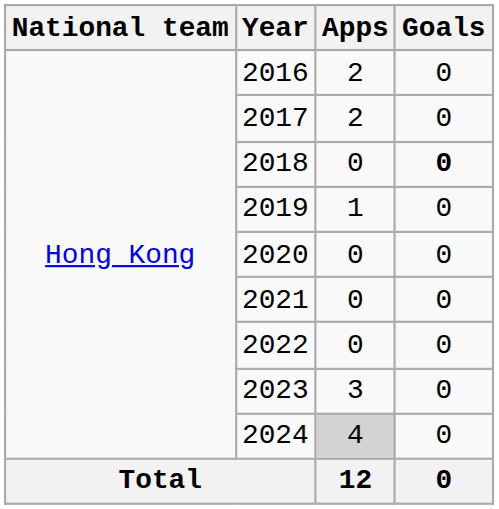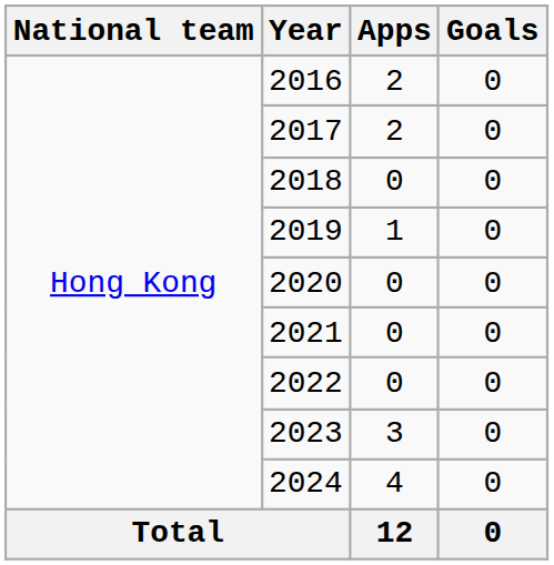 <table class="wikitable" style="text-align:center">
 <tr>
 <th>National team</th>
 <th>Year</th>
 <th>Apps</th>
 <th>Goals</th>
 </tr>
 <tr>
 <td rowspan="9"><a href='#'>Hong Kong</a></td>
 <td>2016</td>
 <td>2</td>
 <td>0</td>
 </tr>
 <tr>
 <td>2017</td>
 <td>2</td>
 <td>0</td>
 </tr>
 <tr>
 <td>2018</td>
 <td>0</td>
-<td><strong>0</strong></td>
+<td>0</td>
 </tr>
 <tr>
 <td>2019</td>
 <td>1</td>
 <td>0</td>
 </tr>
 <tr>
 <td>2020</td>
 <td>0</td>
 <td>0</td>
 </tr>
 <tr>
 <td>2021</td>
 <td>0</td>
 <td>0</td>
 </tr>
 <tr>
 <td>2022</td>
 <td>0</td>
 <td>0</td>
 </tr>
 <tr>
 <td>2023</td>
 <td>3</td>
 <td>0</td>
 </tr>
 <tr>
 <td>2024</td>
-<td style="background: lightgrey;">4</td>
+<td>4</td>
 <td>0</td>
 </tr>
 <tr>
 <th colspan=2>Total</th>
 <th>12</th>
 <th>0</th>
 </tr>
 </table>
